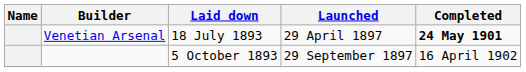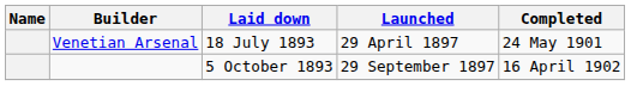 <table class="wikitable plainrowheaders">
 <tr>
 <th scope="col">Name</th>
 <th scope="col">Builder</th>
 <th scope="col"><a href='#'>Laid down</a></th>
 <th scope="col"><a href='#'>Launched</a></th>
 <th scope="col">Completed</th>
 </tr>
 <tr>
 <th scope="row"></th>
 <td><a href='#'>Venetian Arsenal</a></td>
 <td>18 July 1893</td>
 <td>29 April 1897</td>
-<td><strong>24 May 1901</strong></td>
+<td>24 May 1901</td>
 </tr>
 <tr>
 <th scope="row"></th>
 <td></td>
 <td>5 October 1893</td>
 <td>29 September 1897</td>
 <td>16 April 1902</td>
 </tr>
 <tr>
 </tr>
 </table>
